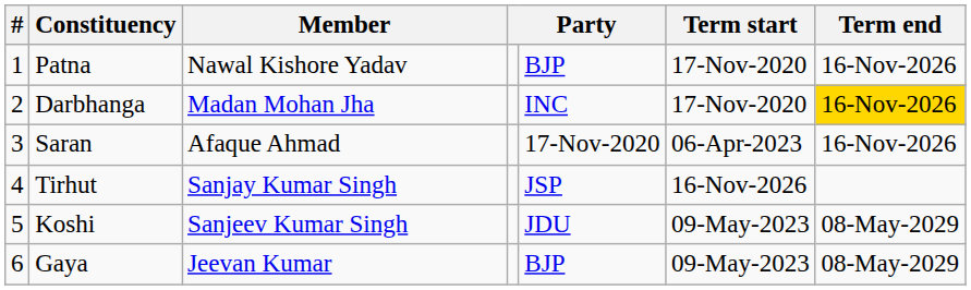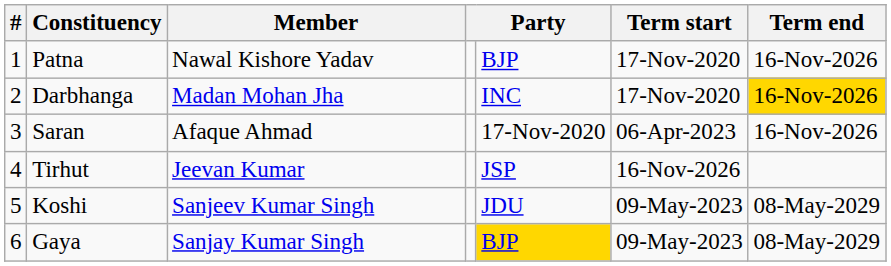 <table class="wikitable sortable">
 <tr>
 <th>#</th>
 <th>Constituency</th>
 <th style="width:200px">Member</th>
 <th colspan="2">Party</th>
 <th>Term start</th>
 <th>Term end</th>
 </tr>
 <tr>
 <td>1</td>
 <td>Patna</td>
 <td>Nawal Kishore Yadav</td>
 <td style="background-color:"></td>
 <td><a href='#'>BJP</a></td>
 <td>17-Nov-2020</td>
 <td>16-Nov-2026</td>
 </tr>
 <tr>
 <td>2</td>
 <td>Darbhanga</td>
 <td><a href='#'>Madan Mohan Jha</a></td>
 <td style="background-color:"></td>
 <td><a href='#'>INC</a></td>
 <td>17-Nov-2020</td>
 <td style="background: gold;">16-Nov-2026</td>
 </tr>
 <tr>
 <td>3</td>
 <td>Saran</td>
 <td>Afaque Ahmad</td>
 <td style="background-color:"></td>
 <td>17-Nov-2020</td>
 <td>06-Apr-2023</td>
 <td>16-Nov-2026</td>
 </tr>
 <tr>
 <td>4</td>
 <td>Tirhut</td>
-<td><a href='#'>Sanjay Kumar Singh</a></td>
+<td><a href='#'>Jeevan Kumar</a></td>
 <td></td>
 <td><a href='#'>JSP</a></td>
 <td>16-Nov-2026</td>
 </tr>
 <tr>
 <td>5</td>
 <td>Koshi</td>
 <td><a href='#'>Sanjeev Kumar Singh</a></td>
 <td style="background-color:"></td>
 <td><a href='#'>JDU</a></td>
 <td>09-May-2023</td>
 <td>08-May-2029</td>
 </tr>
 <tr>
 <td>6</td>
 <td>Gaya</td>
-<td><a href='#'>Jeevan Kumar</a></td>
+<td><a href='#'>Sanjay Kumar Singh</a></td>
 <td style="background-color:"></td>
-<td><a href='#'>BJP</a></td>
+<td style="background: gold;"><a href='#'>BJP</a></td>
 <td>09-May-2023</td>
 <td>08-May-2029</td>
 </tr>
 </table>
